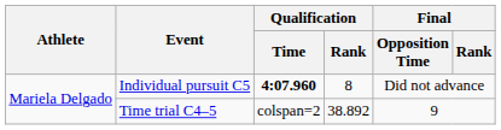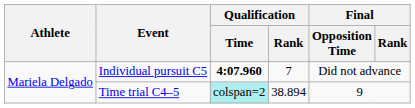 <table class=wikitable style="font-size:90%">
 <tr>
 <th rowspan="2">Athlete</th>
 <th rowspan="2">Event</th>
 <th colspan="2">Qualification</th>
 <th colspan="2">Final</th>
 </tr>
 <tr>
 <th>Time</th>
 <th>Rank</th>
 <th>Opposition<br>Time</th>
 <th>Rank</th>
 </tr>
 <tr align=center>
 <td align=left rowspan=2><a href='#'>Mariela Delgado</a></td>
 <td align=left><a href='#'>Individual pursuit C5</a></td>
 <td><strong>4:07.960</strong></td>
-<td>8</td>
+<td>7</td>
 <td colspan="2">Did not advance</td>
 </tr>
 <tr align=center>
 <td align=left><a href='#'>Time trial C4–5</a></td>
-<td>colspan=2</td>
-<td>38.892</td>
+<td style="background: paleturquoise;">colspan=2</td>
+<td>38.894</td>
 <td colspan="2">9</td>
 </tr>
 </table>
